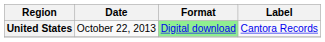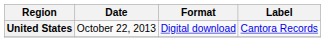 <table class="wikitable plainrowheaders">
 <tr>
 <th>Region</th>
 <th>Date</th>
 <th>Format</th>
 <th>Label</th>
 </tr>
 <tr>
 <th scope="row">United States</th>
 <td>October 22, 2013</td>
-<td style="background: lightgreen;"><a href='#'>Digital download</a></td>
+<td><a href='#'>Digital download</a></td>
 <td><a href='#'>Cantora Records</a></td>
 </tr>
 <tr>
 </tr>
 </table>
